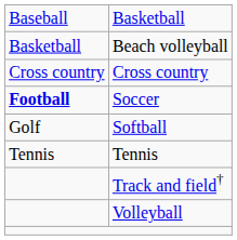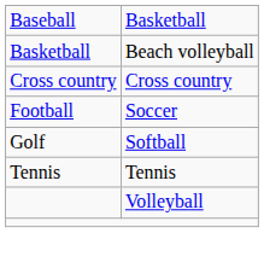 <table class="wikitable" style=" ">
 <tr>
 </tr>
 <tr>
 <td><a href='#'>Baseball</a></td>
 <td><a href='#'>Basketball</a></td>
 </tr>
 <tr>
 <td><a href='#'>Basketball</a></td>
 <td>Beach volleyball</td>
 </tr>
 <tr>
 <td><a href='#'>Cross country</a></td>
 <td><a href='#'>Cross country</a></td>
 </tr>
 <tr>
-<td><strong><a href='#'>Football</a></strong></td>
+<td><a href='#'>Football</a></td>
 <td><a href='#'>Soccer</a></td>
 </tr>
 <tr>
 <td>Golf</td>
 <td><a href='#'>Softball</a></td>
 </tr>
 <tr>
 <td>Tennis</td>
 <td>Tennis</td>
 </tr>
 <tr>
 <td></td>
-<td><a href='#'>Track and field</a><sup>†</sup></td>
-</tr>
-<tr>
-<td></td>
 <td><a href='#'>Volleyball</a></td>
 </tr>
 <tr>
 <td colspan="2"></td>
 </tr>
 </table>
